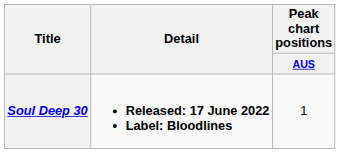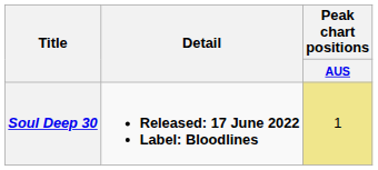 <table class="wikitable plainrowheaders">
 <tr>
 <th scope="col" rowspan="2">Title</th>
 <th scope="col" rowspan="2">Detail</th>
 <th scope="col" colspan="1">Peak chart positions</th>
 </tr>
 <tr>
 <th scope="col" width="35"><small><a href='#'>AUS</a></small><br></th>
 </tr>
 <tr>
 <th scope="row"><em><a href='#'>Soul Deep 30</a></em></th>
 <td><strong><br><ul><li>Released: 17 June 2022</li><li>Label: Bloodlines</li></ul></strong></td>
-<td align="center">1<br></td>
+<td align="center" style="background: khaki;">1<br></td>
 </tr>
 </table>
